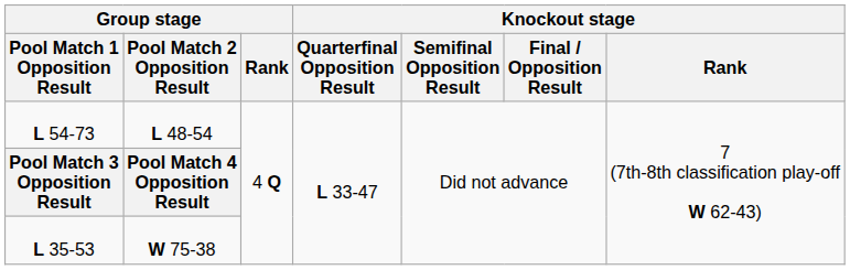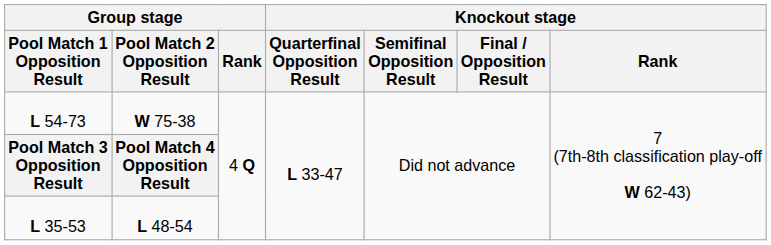 <table class=wikitable style="font-size:90%">
 <tr>
 <th colspan="3">Group stage</th>
 <th colspan="4">Knockout stage</th>
 </tr>
 <tr>
 <th>Pool Match 1<br>Opposition<br>Result</th>
 <th>Pool Match 2<br>Opposition<br>Result</th>
 <th>Rank</th>
 <th>Quarterfinal<br>Opposition<br>Result</th>
 <th>Semifinal<br>Opposition<br>Result</th>
 <th>Final / <br>Opposition<br>Result</th>
 <th>Rank</th>
 </tr>
 <tr align=center>
 <td><br><strong>L</strong> 54-73</td>
-<td><br><strong>L</strong> 48-54</td>
+<td><br><strong>W</strong> 75-38</td>
 <td rowspan="3">4 <strong>Q</strong></td>
 <td rowspan="3"><br> <strong>L</strong> 33-47</td>
 <td colspan="2" rowspan="3">Did not advance</td>
 <td rowspan="3">7<br> (7th-8th classification play-off<br> <br><strong>W</strong> 62-43)</td>
 </tr>
 <tr>
 <th>Pool Match 3<br>Opposition<br>Result</th>
 <th>Pool Match 4<br>Opposition<br>Result</th>
 </tr>
 <tr align=center>
 <td><br><strong>L</strong> 35-53</td>
-<td><br><strong>W</strong> 75-38</td>
+<td><br><strong>L</strong> 48-54</td>
 </tr>
 </table>
